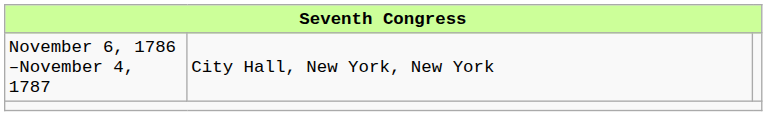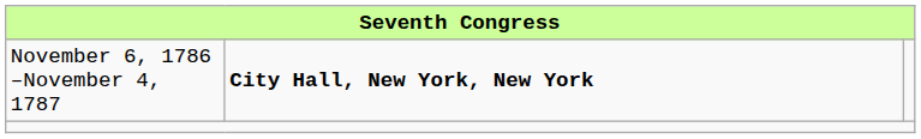 <table class=wikitable>
 <tr>
 <th colspan=3 style="background:#ccff99;">Seventh Congress</th>
 </tr>
 <tr>
 <td style="width: 10em;">November 6, 1786 –November 4, 1787</td>
-<td style="width: 32em;">City Hall, New York, New York</td>
+<td style="width: 32em;"><strong>City Hall, New York, New York</strong></td>
 <td></td>
 </tr>
 <tr>
 <td colspan=3></td>
 </tr>
 </table>
